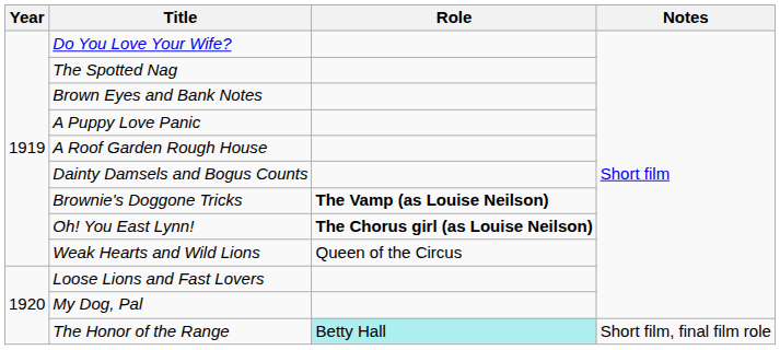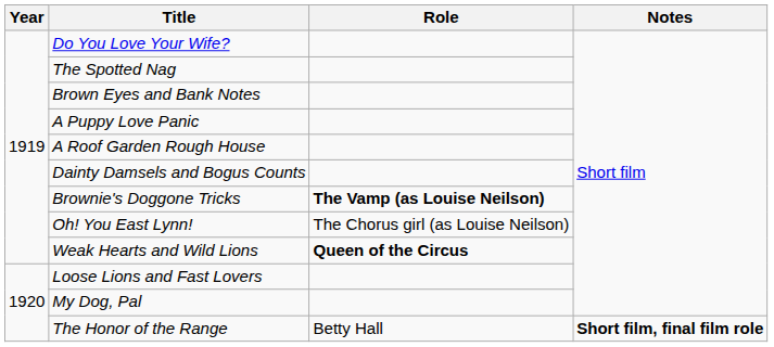 <table class="wikitable sortable">
 <tr>
 <th>Year</th>
 <th>Title</th>
 <th>Role</th>
 <th class="unsortable">Notes</th>
 </tr>
 <tr>
 <td rowspan="9">1919</td>
 <td><em><a href='#'>Do You Love Your Wife?</a></em></td>
 <td></td>
 <td rowspan="11"><a href='#'>Short film</a></td>
 </tr>
 <tr>
 <td><em>The Spotted Nag</em></td>
 <td></td>
 </tr>
 <tr>
 <td><em>Brown Eyes and Bank Notes</em></td>
 </tr>
 <tr>
 <td><em>A Puppy Love Panic</em></td>
 <td></td>
 </tr>
 <tr>
 <td><em>A Roof Garden Rough House</em></td>
 <td></td>
 </tr>
 <tr>
 <td><em>Dainty Damsels and Bogus Counts</em></td>
 <td></td>
 </tr>
 <tr>
 <td><em>Brownie's Doggone Tricks</em></td>
 <td><strong>The Vamp (as Louise Neilson)</strong></td>
 </tr>
 <tr>
 <td><em>Oh! You East Lynn!</em></td>
-<td><strong>The Chorus girl (as Louise Neilson)</strong></td>
+<td>The Chorus girl (as Louise Neilson)</td>
 </tr>
 <tr>
 <td><em>Weak Hearts and Wild Lions</em></td>
-<td>Queen of the Circus</td>
+<td><strong>Queen of the Circus</strong></td>
 </tr>
 <tr>
 <td rowspan="3">1920</td>
 <td><em>Loose Lions and Fast Lovers</em></td>
 <td></td>
 </tr>
 <tr>
 <td><em>My Dog, Pal</em></td>
 <td></td>
 </tr>
 <tr>
 <td><em>The Honor of the Range</em></td>
-<td style="background: paleturquoise;">Betty Hall</td>
-<td>Short film, final film role</td>
+<td>Betty Hall</td>
+<td><strong>Short film, final film role</strong></td>
 </tr>
 </table>
